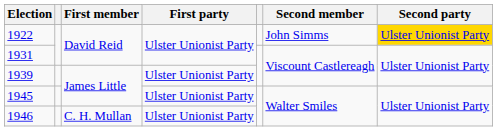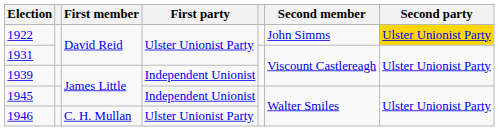 <table class="wikitable">
 <tr>
 <th>Election</th>
 <th></th>
 <th>First member</th>
 <th>First party</th>
 <th></th>
 <th>Second member</th>
 <th>Second party</th>
 </tr>
 <tr>
 <td><a href='#'>1922</a></td>
 <td rowspan=2 style="color:inherit;background-color: "></td>
 <td rowspan=2><a href='#'>David Reid</a></td>
 <td rowspan=2><a href='#'>Ulster Unionist Party</a></td>
 <td style="color:inherit;background-color: "></td>
 <td><a href='#'>John Simms</a></td>
 <td style="background: gold;"><a href='#'>Ulster Unionist Party</a></td>
 </tr>
 <tr>
 <td><a href='#'>1931</a></td>
 <td rowspan=2 style="color:inherit;background-color: "></td>
 <td rowspan=2><a href='#'>Viscount Castlereagh</a></td>
 <td rowspan=2><a href='#'>Ulster Unionist Party</a></td>
 </tr>
 <tr>
 <td><a href='#'>1939</a></td>
 <td style="color:inherit;background-color: "></td>
 <td rowspan=2><a href='#'>James Little</a></td>
-<td><a href='#'>Ulster Unionist Party</a></td>
+<td><a href='#'>Independent Unionist</a></td>
 </tr>
 <tr>
 <td><a href='#'>1945</a></td>
 <td style="color:inherit;background-color: "></td>
-<td><a href='#'>Ulster Unionist Party</a></td>
+<td><a href='#'>Independent Unionist</a></td>
 <td rowspan=2 style="color:inherit;background-color: "></td>
 <td rowspan=2><a href='#'>Walter Smiles</a></td>
 <td rowspan=2><a href='#'>Ulster Unionist Party</a></td>
 </tr>
 <tr>
 <td><a href='#'>1946</a></td>
 <td style="color:inherit;background-color: "></td>
 <td><a href='#'>C. H. Mullan</a></td>
 <td><a href='#'>Ulster Unionist Party</a></td>
 </tr>
 </table>
